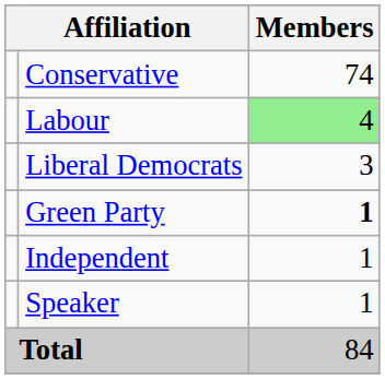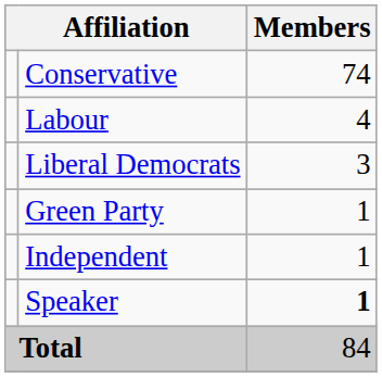 <table class="wikitable">
 <tr>
 <th colspan="2">Affiliation</th>
 <th>Members</th>
 </tr>
 <tr>
 <td style="color:inherit;background:"></td>
 <td><a href='#'>Conservative</a></td>
 <td align="right">74</td>
 </tr>
 <tr>
 <td style="color:inherit;background:"></td>
 <td><a href='#'>Labour</a></td>
-<td align="right" style="background: lightgreen;">4</td>
+<td align="right">4</td>
 </tr>
 <tr>
 <td style="color:inherit;background:"></td>
 <td><a href='#'>Liberal Democrats</a></td>
 <td align="right">3</td>
 </tr>
 <tr>
 <td style="color:inherit;background:"></td>
 <td><a href='#'>Green Party</a></td>
-<td align="right"><strong>1</strong></td>
+<td align="right">1</td>
 </tr>
 <tr>
 <td style="color:inherit;background:"></td>
 <td><a href='#'>Independent</a></td>
 <td align="right">1</td>
 </tr>
 <tr>
 <td style="color:inherit;background:"></td>
 <td><a href='#'>Speaker</a></td>
-<td align="right">1</td>
+<td align="right"><strong>1</strong></td>
 </tr>
 <tr bgcolor="CCCCCC">
 <td colspan="2" rowspan="1"> <strong>Total</strong></td>
 <td align="right">84</td>
 </tr>
 <tr>
 </tr>
 </table>
